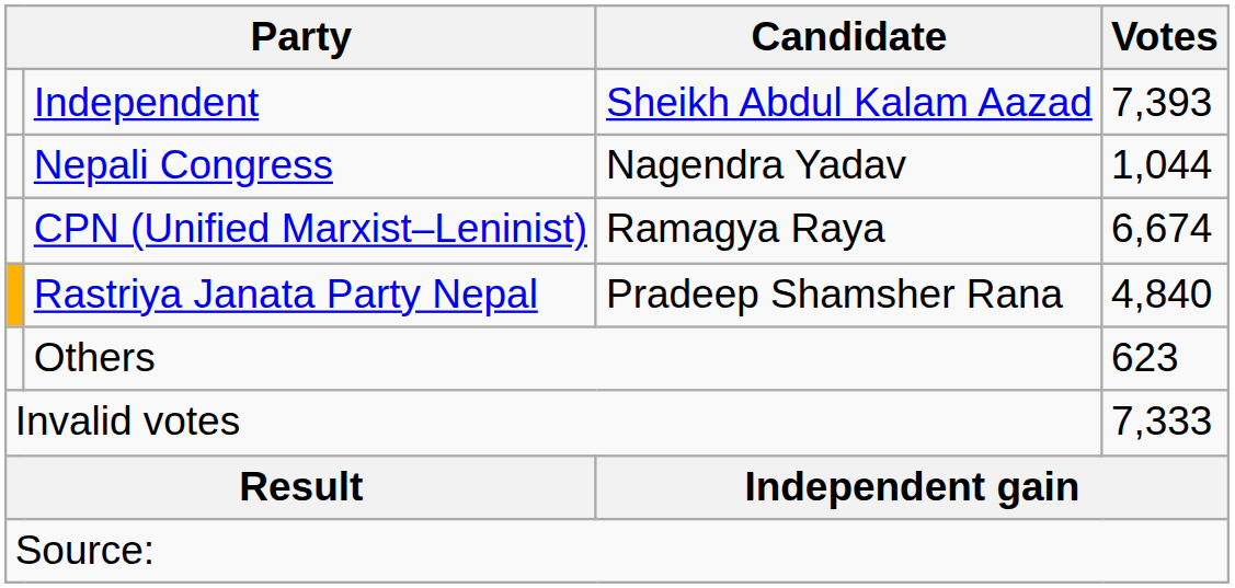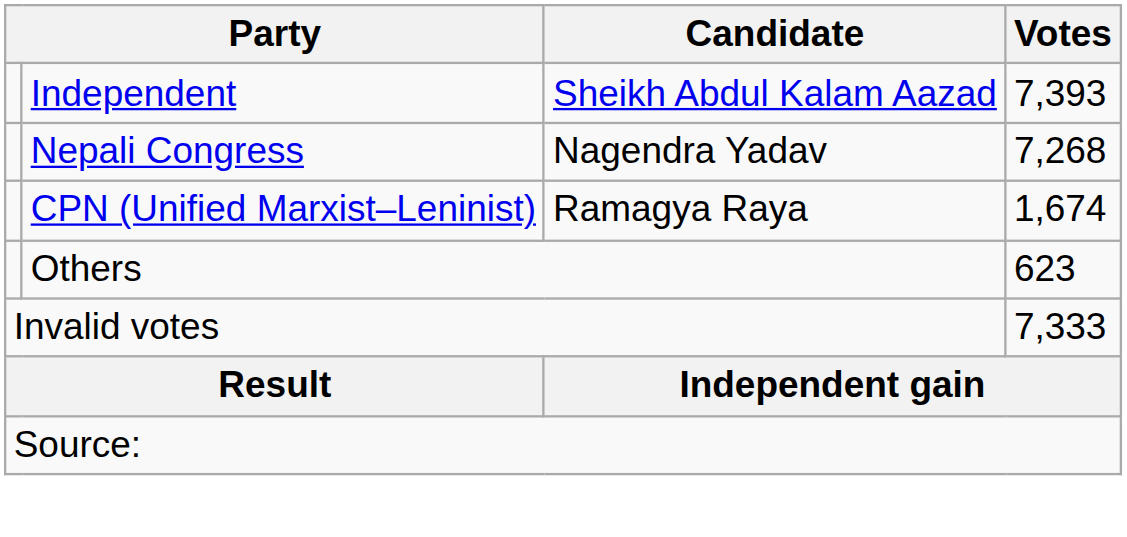 <table class="wikitable">
 <tr>
 <th colspan="2">Party</th>
 <th>Candidate</th>
 <th>Votes</th>
 </tr>
 <tr>
 <td style="background-color:"></td>
 <td><a href='#'>Independent</a></td>
 <td><a href='#'>Sheikh Abdul Kalam Aazad</a></td>
 <td>7,393</td>
 </tr>
 <tr>
 <td style="background-color:"></td>
 <td><a href='#'>Nepali Congress</a></td>
 <td>Nagendra Yadav</td>
-<td>1,044</td>
+<td>7,268</td>
 </tr>
 <tr>
 <td style="background-color:"></td>
 <td><a href='#'>CPN (Unified Marxist–Leninist)</a></td>
 <td>Ramagya Raya</td>
-<td>6,674</td>
-</tr>
-<tr>
-<td style="background-color:#ffb300"></td>
-<td><a href='#'>Rastriya Janata Party Nepal</a></td>
-<td>Pradeep Shamsher Rana</td>
-<td>4,840</td>
+<td>1,674</td>
 </tr>
 <tr>
 <td></td>
 <td colspan="2">Others</td>
 <td>623</td>
 </tr>
 <tr>
 <td colspan="3">Invalid votes</td>
 <td>7,333</td>
 </tr>
 <tr>
 <th colspan="2">Result</th>
 <th colspan="2">Independent gain</th>
 </tr>
 <tr>
 <td colspan="4">Source: </td>
 </tr>
 </table>
